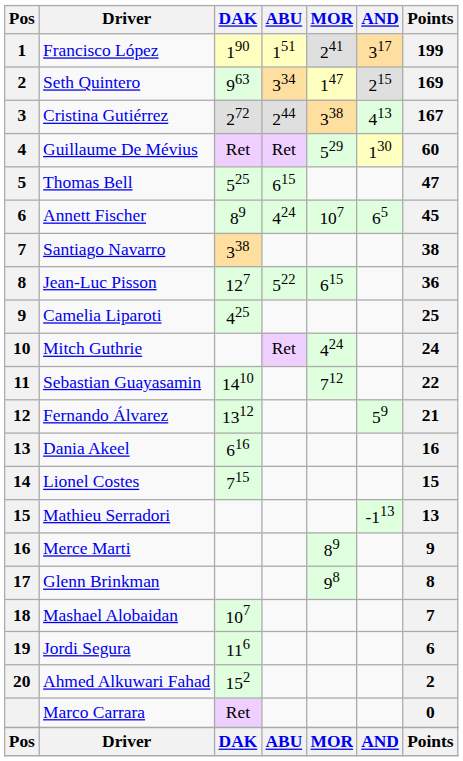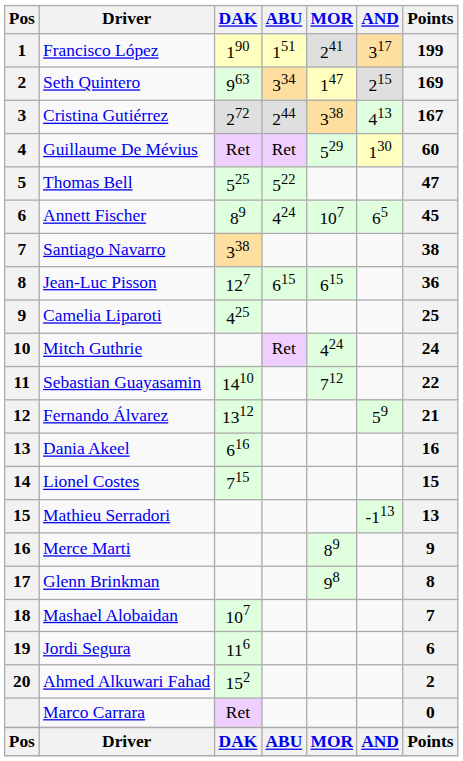 <table class="wikitable" style="font-size: 85%; text-align: center; display: inline-table;">
 <tr valign="top">
 <th valign="middle">Pos</th>
 <th valign="middle">Driver</th>
 <th><a href='#'>DAK</a><br></th>
 <th><a href='#'>ABU</a><br></th>
 <th><a href='#'>MOR</a><br></th>
 <th><a href='#'>AND</a><br></th>
 <th valign="middle">Points</th>
 </tr>
 <tr>
 <th>1</th>
 <td align=left> <a href='#'>Francisco López</a></td>
 <td style="background:#ffffbf;">1<sup>90</sup></td>
 <td style="background:#ffffbf;">1<sup>51</sup></td>
 <td style="background:#dfdfdf;">2<sup>41</sup></td>
 <td style="background:#ffdf9f;">3<sup>17</sup></td>
 <th>199</th>
 </tr>
 <tr>
 <th>2</th>
 <td align=left> <a href='#'>Seth Quintero</a></td>
 <td style="background:#dfffdf;">9<sup>63</sup></td>
 <td style="background:#ffdf9f;">3<sup>34</sup></td>
 <td style="background:#ffffbf;">1<sup>47</sup></td>
 <td style="background:#dfdfdf;">2<sup>15</sup></td>
 <th>169</th>
 </tr>
 <tr>
 <th>3</th>
 <td align=left> <a href='#'>Cristina Gutiérrez</a></td>
 <td style="background:#dfdfdf;">2<sup>72</sup></td>
 <td style="background:#dfdfdf;">2<sup>44</sup></td>
 <td style="background:#ffdf9f;">3<sup>38</sup></td>
 <td style="background:#dfffdf;">4<sup>13</sup></td>
 <th>167</th>
 </tr>
 <tr>
 <th>4</th>
 <td align=left> <a href='#'>Guillaume De Mévius</a></td>
 <td style="background:#efcfff;">Ret</td>
 <td style="background:#efcfff;">Ret</td>
 <td style="background:#dfffdf;">5<sup>29</sup></td>
 <td style="background:#ffffbf;">1<sup>30</sup></td>
 <th>60</th>
 </tr>
 <tr>
 <th>5</th>
 <td align=left> <a href='#'>Thomas Bell</a></td>
 <td style="background:#dfffdf;">5<sup>25</sup></td>
-<td style="background:#dfffdf;">6<sup>15</sup></td>
+<td style="background:#dfffdf;">5<sup>22</sup></td>
 <td></td>
 <td></td>
 <th>47</th>
 </tr>
 <tr>
 <th>6</th>
 <td align=left> <a href='#'>Annett Fischer</a></td>
 <td style="background:#dfffdf;">8<sup>9</sup></td>
 <td style="background:#dfffdf;">4<sup>24</sup></td>
 <td style="background:#dfffdf;">10<sup>7</sup></td>
 <td style="background:#dfffdf;">6<sup>5</sup></td>
 <th>45</th>
 </tr>
 <tr>
 <th>7</th>
 <td align=left> <a href='#'>Santiago Navarro</a></td>
 <td style="background:#ffdf9f;">3<sup>38</sup></td>
 <td></td>
 <td></td>
 <td></td>
 <th>38</th>
 </tr>
 <tr>
 <th>8</th>
 <td align=left> <a href='#'>Jean-Luc Pisson</a></td>
 <td style="background:#dfffdf;">12<sup>7</sup></td>
-<td style="background:#dfffdf;">5<sup>22</sup></td>
+<td style="background:#dfffdf;">6<sup>15</sup></td>
 <td style="background:#dfffdf;">6<sup>15</sup></td>
 <td></td>
 <th>36</th>
 </tr>
 <tr>
 <th>9</th>
 <td align=left> <a href='#'>Camelia Liparoti</a></td>
 <td style="background:#dfffdf;">4<sup>25</sup></td>
 <td></td>
 <td></td>
 <td></td>
 <th>25</th>
 </tr>
 <tr>
 <th>10</th>
 <td align=left> <a href='#'>Mitch Guthrie</a></td>
 <td></td>
 <td style="background:#efcfff;">Ret</td>
 <td style="background:#dfffdf;">4<sup>24</sup></td>
 <td></td>
 <th>24</th>
 </tr>
 <tr>
 <th>11</th>
 <td align=left> <a href='#'>Sebastian Guayasamin</a></td>
 <td style="background:#dfffdf;">14<sup>10</sup></td>
 <td></td>
 <td style="background:#dfffdf;">7<sup>12</sup></td>
 <td></td>
 <th>22</th>
 </tr>
 <tr>
 <th>12</th>
 <td align=left> <a href='#'>Fernando Álvarez</a></td>
 <td style="background:#dfffdf;">13<sup>12</sup></td>
 <td></td>
 <td></td>
 <td style="background:#dfffdf;">5<sup>9</sup></td>
 <th>21</th>
 </tr>
 <tr>
 <th>13</th>
 <td align=left> <a href='#'>Dania Akeel</a></td>
 <td style="background:#dfffdf;">6<sup>16</sup></td>
 <td></td>
 <td></td>
 <td></td>
 <th>16</th>
 </tr>
 <tr>
 <th>14</th>
 <td align=left> <a href='#'>Lionel Costes</a></td>
 <td style="background:#dfffdf;">7<sup>15</sup></td>
 <td></td>
 <td></td>
 <td></td>
 <th>15</th>
 </tr>
 <tr>
 <th>15</th>
 <td align=left> <a href='#'>Mathieu Serradori</a></td>
 <td></td>
 <td></td>
 <td></td>
 <td style="background:#dfffdf;">-1<sup>13</sup></td>
 <th>13</th>
 </tr>
 <tr>
 <th>16</th>
 <td align=left> <a href='#'>Merce Marti</a></td>
 <td></td>
 <td></td>
 <td style="background:#dfffdf;">8<sup>9</sup></td>
 <td></td>
 <th>9</th>
 </tr>
 <tr>
 <th>17</th>
 <td align=left> <a href='#'>Glenn Brinkman</a></td>
 <td></td>
 <td></td>
 <td style="background:#dfffdf;">9<sup>8</sup></td>
 <td></td>
 <th>8</th>
 </tr>
 <tr>
 <th>18</th>
 <td align=left> <a href='#'>Mashael Alobaidan</a></td>
 <td style="background:#dfffdf;">10<sup>7</sup></td>
 <td></td>
 <td></td>
 <td></td>
 <th>7</th>
 </tr>
 <tr>
 <th>19</th>
 <td align=left> <a href='#'>Jordi Segura</a></td>
 <td style="background:#dfffdf;">11<sup>6</sup></td>
 <td></td>
 <td></td>
 <td></td>
 <th>6</th>
 </tr>
 <tr>
 <th>20</th>
 <td align=left> <a href='#'>Ahmed Alkuwari Fahad</a></td>
 <td style="background:#dfffdf;">15<sup>2</sup></td>
 <td></td>
 <td></td>
 <td></td>
 <th>2</th>
 </tr>
 <tr>
 <th></th>
 <td align=left> <a href='#'>Marco Carrara</a></td>
 <td style="background:#efcfff;">Ret</td>
 <td></td>
 <td></td>
 <td></td>
 <th>0</th>
 </tr>
 <tr>
 </tr>
 <tr valign="top">
 <th valign="middle">Pos</th>
 <th valign="middle">Driver</th>
 <th><a href='#'>DAK</a><br></th>
 <th><a href='#'>ABU</a><br></th>
 <th><a href='#'>MOR</a><br></th>
 <th><a href='#'>AND</a><br></th>
 <th valign="middle">Points</th>
 </tr>
 <tr>
 </tr>
 </table>
